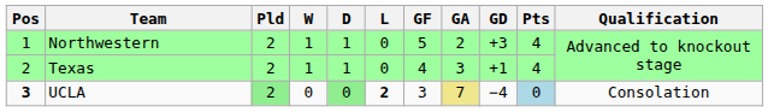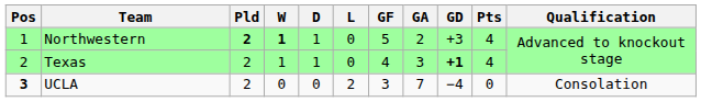 <table class="wikitable" style="text-align:center; margin: 1em auto">
 <tr>
 <th style="width:2em">Pos</th>
 <th style="width:13em">Team</th>
 <th style="width:2em">Pld</th>
 <th style="width:2em">W</th>
 <th style="width:2em">D</th>
 <th style="width:2em">L</th>
 <th style="width:2em">GF</th>
 <th style="width:2em">GA</th>
 <th style="width:2em">GD</th>
 <th style="width:2em">Pts</th>
 <th style="width:13em">Qualification</th>
 </tr>
 <tr bgcolor="#9eff9e">
 <td>1</td>
 <td style="text-align:left">Northwestern</td>
-<td>2</td>
-<td>1</td>
+<td><strong>2</strong></td>
+<td><strong>1</strong></td>
 <td>1</td>
 <td>0</td>
 <td>5</td>
 <td>2</td>
 <td>+3</td>
 <td>4</td>
 <td rowspan="2">Advanced to knockout stage</td>
 </tr>
 <tr bgcolor="#9eff9e">
 <td>2</td>
 <td style="text-align:left">Texas</td>
 <td>2</td>
 <td>1</td>
 <td>1</td>
 <td>0</td>
 <td>4</td>
 <td>3</td>
-<td>+1</td>
+<td><strong>+1</strong></td>
 <td>4</td>
 </tr>
 <tr>
 <td><strong>3</strong></td>
 <td style="text-align:left">UCLA</td>
-<td style="background: lightgreen;">2</td>
+<td>2</td>
 <td>0</td>
-<td style="background: lightgreen;">0</td>
-<td><strong>2</strong></td>
+<td>0</td>
+<td>2</td>
 <td>3</td>
-<td style="background: khaki;">7</td>
+<td>7</td>
 <td>−4</td>
-<td style="background: lightblue;">0</td>
+<td>0</td>
 <td>Consolation</td>
 </tr>
 </table>
